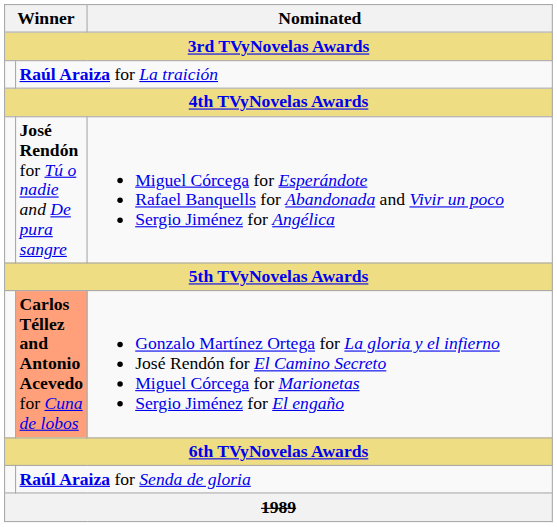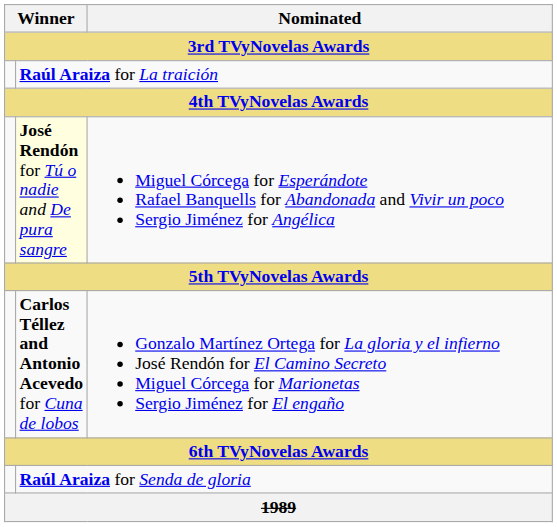 <table class="wikitable" width=80%>
 <tr align=center>
 <th width="150px;" colspan=2; align="center">Winner</th>
 <th width="580px;" align="center">Nominated</th>
 </tr>
 <tr>
 <th colspan=9 style="background:#EEDD82;"  align="center"><strong><a href='#'>3rd TVyNovelas Awards</a></strong></th>
 </tr>
 <tr>
 <td width=2%></td>
 <td colspan=2><strong><a href='#'>Raúl Araiza</a></strong> for <em><a href='#'>La traición</a></em></td>
 </tr>
 <tr>
 <th colspan=9 style="background:#EEDD82;"  align="center"><strong><a href='#'>4th TVyNovelas Awards</a></strong></th>
 </tr>
 <tr>
 <td width=2%></td>
-<td><strong>José Rendón</strong> for <em><a href='#'>Tú o nadie</a> and <a href='#'>De pura sangre</a></em></td>
+<td style="background: lightyellow;"><strong>José Rendón</strong> for <em><a href='#'>Tú o nadie</a> and <a href='#'>De pura sangre</a></em></td>
 <td><br><ul><li><a href='#'>Miguel Córcega</a> for <em><a href='#'>Esperándote</a></em></li><li><a href='#'>Rafael Banquells</a> for <em><a href='#'>Abandonada</a></em> and <em><a href='#'>Vivir un poco</a></em></li><li><a href='#'>Sergio Jiménez</a> for <em><a href='#'>Angélica</a></em></li></ul></td>
 </tr>
 <tr>
 <th colspan=9 style="background:#EEDD82;"  align="center"><strong><a href='#'>5th TVyNovelas Awards</a></strong></th>
 </tr>
 <tr>
 <td width=2%></td>
-<td style="background: lightsalmon;"><strong>Carlos Téllez and Antonio Acevedo</strong> for <em><a href='#'>Cuna de lobos</a></em></td>
+<td><strong>Carlos Téllez and Antonio Acevedo</strong> for <em><a href='#'>Cuna de lobos</a></em></td>
 <td><br><ul><li><a href='#'>Gonzalo Martínez Ortega</a> for <em><a href='#'>La gloria y el infierno</a></em></li><li>José Rendón for <em><a href='#'>El Camino Secreto</a></em></li><li><a href='#'>Miguel Córcega</a> for <em><a href='#'>Marionetas</a></em></li><li><a href='#'>Sergio Jiménez</a> for <em><a href='#'>El engaño</a></em></li></ul></td>
 </tr>
 <tr>
 <th colspan=9 style="background:#EEDD82;"  align="center"><strong><a href='#'>6th TVyNovelas Awards</a></strong></th>
 </tr>
 <tr>
 <td width=2%></td>
 <td colspan=2><strong><a href='#'>Raúl Araiza</a></strong> for <em><a href='#'>Senda de gloria</a></em></td>
 </tr>
 <tr>
 <th colspan=9  align="center"><s>1989</s></th>
 </tr>
 </table>
